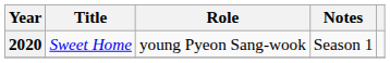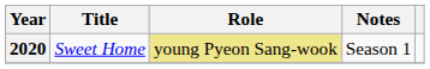 <table class="wikitable sortable plainrowheaders">
 <tr>
 <th scope="col">Year</th>
 <th scope="col">Title</th>
 <th scope="col">Role</th>
 <th scope="col" class="unsortable">Notes</th>
 <th scope="col" class="unsortable"></th>
 </tr>
 <tr>
 <th scope="row">2020</th>
 <td><em><a href='#'>Sweet Home</a></em></td>
-<td>young Pyeon Sang-wook</td>
+<td style="background: khaki;">young Pyeon Sang-wook</td>
 <td>Season 1</td>
 <td style="text-align:center"></td>
 </tr>
 <tr>
 </tr>
 </table>
